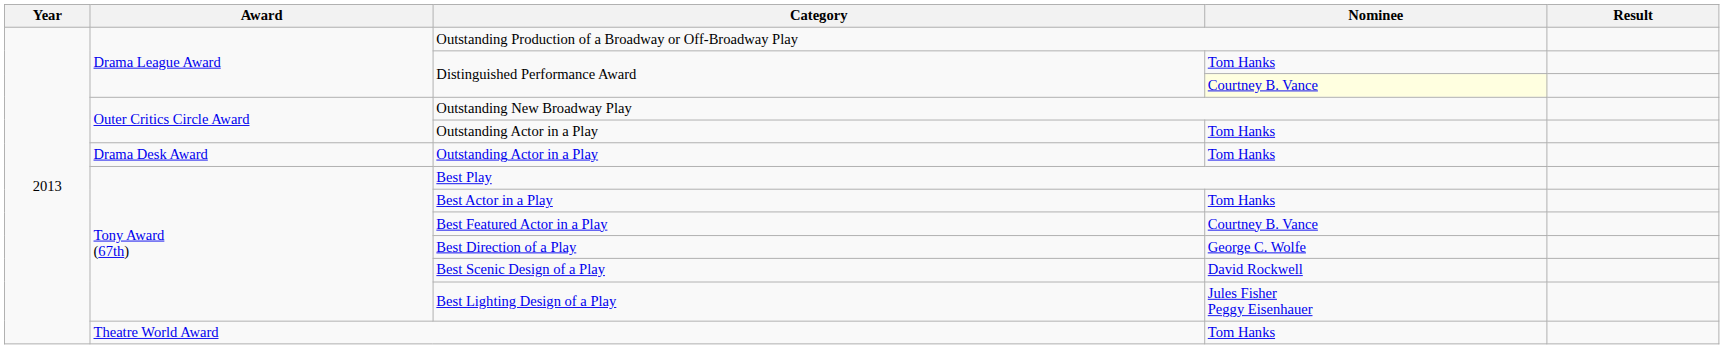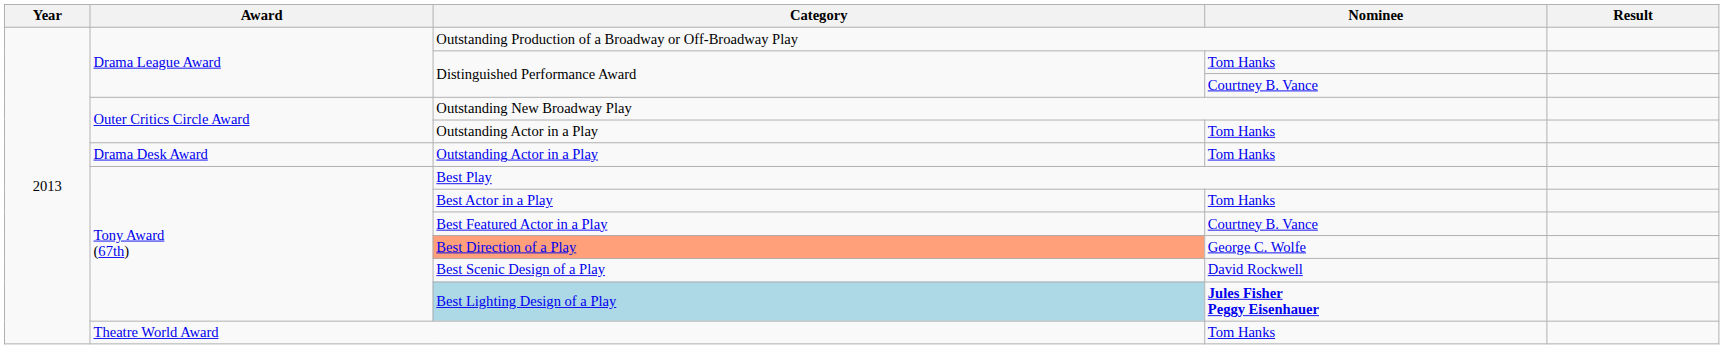 <table class="wikitable" width="95%">
 <tr>
 <th width="5%">Year</th>
 <th width="20%">Award</th>
 <th width="45%">Category</th>
 <th width="20%">Nominee</th>
 <th width="10%">Result</th>
 </tr>
 <tr>
 <td rowspan="13" align="center">2013</td>
 <td rowspan="3"><a href='#'>Drama League Award</a></td>
 <td colspan="2">Outstanding Production of a Broadway or Off-Broadway Play</td>
 <td></td>
 </tr>
 <tr>
 <td rowspan="2">Distinguished Performance Award</td>
 <td><a href='#'>Tom Hanks</a></td>
 <td></td>
 </tr>
 <tr>
-<td style="background: lightyellow;"><a href='#'>Courtney B. Vance</a></td>
+<td><a href='#'>Courtney B. Vance</a></td>
 <td></td>
 </tr>
 <tr>
 <td rowspan="2"><a href='#'>Outer Critics Circle Award</a></td>
 <td colspan="2">Outstanding New Broadway Play</td>
 <td></td>
 </tr>
 <tr>
 <td>Outstanding Actor in a Play</td>
 <td><a href='#'>Tom Hanks</a></td>
 <td></td>
 </tr>
 <tr>
 <td><a href='#'>Drama Desk Award</a></td>
 <td><a href='#'>Outstanding Actor in a Play</a></td>
 <td><a href='#'>Tom Hanks</a></td>
 <td></td>
 </tr>
 <tr>
 <td rowspan="6"><a href='#'>Tony Award</a><br>(<a href='#'>67th</a>)</td>
 <td colspan="2"><a href='#'>Best Play</a></td>
 <td></td>
 </tr>
 <tr>
 <td><a href='#'>Best Actor in a Play</a></td>
 <td><a href='#'>Tom Hanks</a></td>
 <td></td>
 </tr>
 <tr>
 <td><a href='#'>Best Featured Actor in a Play</a></td>
 <td><a href='#'>Courtney B. Vance</a></td>
 <td></td>
 </tr>
 <tr>
-<td><a href='#'>Best Direction of a Play</a></td>
+<td style="background: lightsalmon;"><a href='#'>Best Direction of a Play</a></td>
 <td><a href='#'>George C. Wolfe</a></td>
 <td></td>
 </tr>
 <tr>
 <td><a href='#'>Best Scenic Design of a Play</a></td>
 <td><a href='#'>David Rockwell</a></td>
 <td></td>
 </tr>
 <tr>
-<td><a href='#'>Best Lighting Design of a Play</a></td>
-<td><a href='#'>Jules Fisher</a> <br> <a href='#'>Peggy Eisenhauer</a></td>
+<td style="background: lightblue;"><a href='#'>Best Lighting Design of a Play</a></td>
+<td><strong><a href='#'>Jules Fisher</a> <br> <a href='#'>Peggy Eisenhauer</a></strong></td>
 <td></td>
 </tr>
 <tr>
 <td colspan=2><a href='#'>Theatre World Award</a></td>
 <td><a href='#'>Tom Hanks</a></td>
 <td></td>
 </tr>
 </table>
